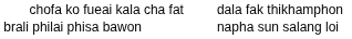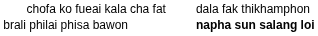 <table style="margin-left:3em; float:left; white-space: nowrap;">
 <tr>
 <td style="padding-left:2em">chofa ko fueai kala cha fat</td>
 <td style="width:2em"></td>
 <td>dala fak thikhamphon</td>
 </tr>
 <tr>
 <td>brali philai phisa bawon</td>
 <td></td>
-<td>napha sun salang loi</td>
+<td><strong>napha sun salang loi</strong></td>
 </tr>
 </table>
